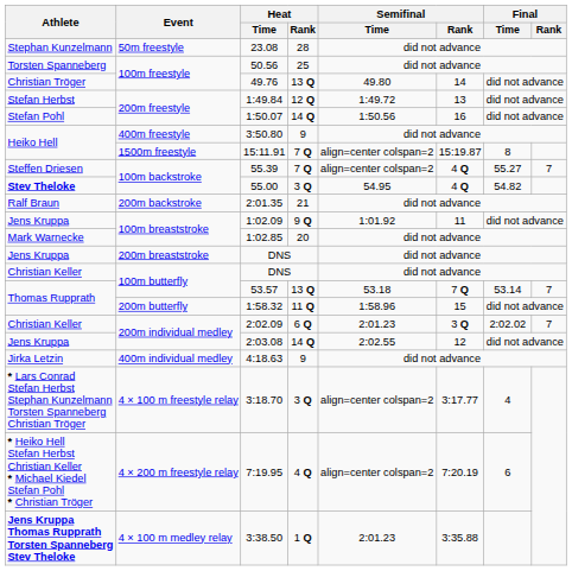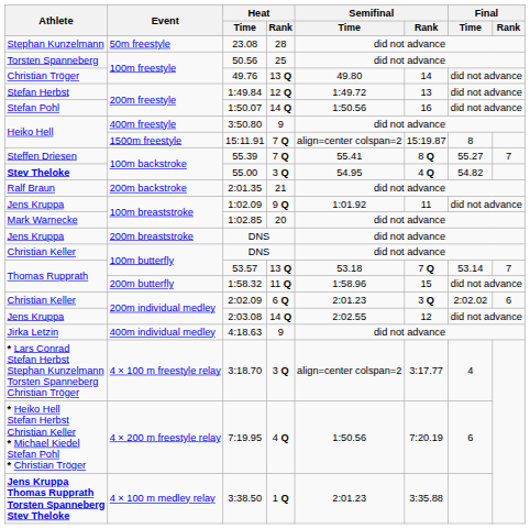 <table class=wikitable style="font-size:90%">
 <tr>
 <th rowspan="2">Athlete</th>
 <th rowspan="2">Event</th>
 <th colspan="2">Heat</th>
 <th colspan="2">Semifinal</th>
 <th colspan="2">Final</th>
 </tr>
 <tr style="font-size:95%">
 <th>Time</th>
 <th>Rank</th>
 <th>Time</th>
 <th>Rank</th>
 <th>Time</th>
 <th>Rank</th>
 </tr>
 <tr>
 <td align=left><a href='#'>Stephan Kunzelmann</a></td>
 <td align=left><a href='#'>50m freestyle</a></td>
 <td align=center>23.08</td>
 <td align=center>28</td>
 <td align=center colspan=4>did not advance</td>
 </tr>
 <tr>
 <td align=left><a href='#'>Torsten Spanneberg</a></td>
 <td align=left rowspan=2><a href='#'>100m freestyle</a></td>
 <td align=center>50.56</td>
 <td align=center>25</td>
 <td align=center colspan=4>did not advance</td>
 </tr>
 <tr>
 <td align=left><a href='#'>Christian Tröger</a></td>
 <td align=center>49.76</td>
 <td align=center>13 <strong>Q</strong></td>
 <td align=center>49.80</td>
 <td align=center>14</td>
 <td align=center colspan=2>did not advance</td>
 </tr>
 <tr>
 <td align=left><a href='#'>Stefan Herbst</a></td>
 <td align=left rowspan=2><a href='#'>200m freestyle</a></td>
 <td align=center>1:49.84</td>
 <td align=center>12 <strong>Q</strong></td>
 <td align=center>1:49.72</td>
 <td align=center>13</td>
 <td align=center colspan=2>did not advance</td>
 </tr>
 <tr>
 <td align=left><a href='#'>Stefan Pohl</a></td>
 <td align=center>1:50.07</td>
 <td align=center>14 <strong>Q</strong></td>
 <td align=center>1:50.56</td>
 <td align=center>16</td>
 <td align=center colspan=2>did not advance</td>
 </tr>
 <tr>
 <td align=left rowspan=2><a href='#'>Heiko Hell</a></td>
 <td align=left><a href='#'>400m freestyle</a></td>
 <td align=center>3:50.80</td>
 <td align=center>9</td>
 <td align=center colspan=4>did not advance</td>
 </tr>
 <tr>
 <td align=left><a href='#'>1500m freestyle</a></td>
 <td align=center>15:11.91</td>
 <td align=center>7 <strong>Q</strong></td>
 <td>align=center colspan=2 </td>
 <td align=center>15:19.87</td>
 <td align=center>8</td>
 </tr>
 <tr>
 <td align=left><a href='#'>Steffen Driesen</a></td>
 <td align=left rowspan=2><a href='#'>100m backstroke</a></td>
 <td align=center>55.39</td>
 <td align=center>7 <strong>Q</strong></td>
-<td>align=center colspan=2 </td>
-<td align=center>4 <strong>Q</strong></td>
+<td align=center>55.41</td>
+<td align=center>8 <strong>Q</strong></td>
 <td align=center>55.27</td>
 <td align=center>7</td>
 </tr>
 <tr>
 <td align=left><strong><a href='#'>Stev Theloke</a></strong></td>
 <td align=center>55.00</td>
 <td align=center>3 <strong>Q</strong></td>
 <td align=center>54.95</td>
 <td align=center>4 <strong>Q</strong></td>
 <td align=center>54.82</td>
 <td align=center></td>
 </tr>
 <tr>
 <td align=left><a href='#'>Ralf Braun</a></td>
 <td align=left><a href='#'>200m backstroke</a></td>
 <td align=center>2:01.35</td>
 <td align=center>21</td>
 <td align=center colspan=4>did not advance</td>
 </tr>
 <tr>
 <td align=left><a href='#'>Jens Kruppa</a></td>
 <td align=left rowspan=2><a href='#'>100m breaststroke</a></td>
 <td align=center>1:02.09</td>
 <td align=center>9 <strong>Q</strong></td>
 <td align=center>1:01.92</td>
 <td align=center>11</td>
 <td align=center colspan=2>did not advance</td>
 </tr>
 <tr>
 <td align=left><a href='#'>Mark Warnecke</a></td>
 <td align=center>1:02.85</td>
 <td align=center>20</td>
 <td align=center colspan=4>did not advance</td>
 </tr>
 <tr>
 <td align=left><a href='#'>Jens Kruppa</a></td>
 <td align=left><a href='#'>200m breaststroke</a></td>
 <td align=center colspan=2>DNS</td>
 <td align=center colspan=4>did not advance</td>
 </tr>
 <tr>
 <td align=left><a href='#'>Christian Keller</a></td>
 <td align=left rowspan=2><a href='#'>100m butterfly</a></td>
 <td align=center colspan=2>DNS</td>
 <td align=center colspan=4>did not advance</td>
 </tr>
 <tr>
 <td align=left rowspan=2><a href='#'>Thomas Rupprath</a></td>
 <td align=center>53.57</td>
 <td align=center>13 <strong>Q</strong></td>
 <td align=center>53.18</td>
 <td align=center>7 <strong>Q</strong></td>
 <td align=center>53.14</td>
 <td align=center>7</td>
 </tr>
 <tr>
 <td align=left><a href='#'>200m butterfly</a></td>
 <td align=center>1:58.32</td>
 <td align=center>11 <strong>Q</strong></td>
 <td align=center>1:58.96</td>
 <td align=center>15</td>
 <td align=center colspan=2>did not advance</td>
 </tr>
 <tr>
 <td align=left><a href='#'>Christian Keller</a></td>
 <td align=left rowspan=2><a href='#'>200m individual medley</a></td>
 <td align=center>2:02.09</td>
 <td align=center>6 <strong>Q</strong></td>
 <td align=center>2:01.23</td>
 <td align=center>3 <strong>Q</strong></td>
 <td align=center>2:02.02</td>
-<td align=center>7</td>
+<td align=center>6</td>
 </tr>
 <tr>
 <td align=left><a href='#'>Jens Kruppa</a></td>
 <td align=center>2:03.08</td>
 <td align=center>14 <strong>Q</strong></td>
 <td align=center>2:02.55</td>
 <td align=center>12</td>
 <td align=center colspan=2>did not advance</td>
 </tr>
 <tr>
 <td align=left><a href='#'>Jirka Letzin</a></td>
 <td align=left><a href='#'>400m individual medley</a></td>
 <td align=center>4:18.63</td>
 <td align=center>9</td>
 <td align=center colspan=4>did not advance</td>
 </tr>
 <tr>
 <td align=left><strong>*</strong> <a href='#'>Lars Conrad</a><br> <a href='#'>Stefan Herbst</a><br> <a href='#'>Stephan Kunzelmann</a><br> <a href='#'>Torsten Spanneberg</a><br> <a href='#'>Christian Tröger</a></td>
 <td align=left><a href='#'>4 × 100 m freestyle relay</a></td>
 <td align=center>3:18.70</td>
 <td align=center>3 <strong>Q</strong></td>
 <td>align=center colspan=2 </td>
 <td align=center>3:17.77</td>
 <td align=center>4</td>
 </tr>
 <tr>
 <td align=left><strong>*</strong> <a href='#'>Heiko Hell</a><br> <a href='#'>Stefan Herbst</a><br> <a href='#'>Christian Keller</a><br> <strong>*</strong> <a href='#'>Michael Kiedel</a><br> <a href='#'>Stefan Pohl</a><br> <strong>*</strong> <a href='#'>Christian Tröger</a></td>
 <td align=left><a href='#'>4 × 200 m freestyle relay</a></td>
 <td align=center>7:19.95</td>
 <td align=center>4 <strong>Q</strong></td>
-<td>align=center colspan=2 </td>
+<td align=center>1:50.56</td>
 <td align=center>7:20.19</td>
 <td align=center>6</td>
 </tr>
 <tr>
 <td align=left><strong><a href='#'>Jens Kruppa</a></strong><br> <strong><a href='#'>Thomas Rupprath</a></strong><br> <strong><a href='#'>Torsten Spanneberg</a></strong><br> <strong><a href='#'>Stev Theloke</a></strong></td>
 <td align=left><a href='#'>4 × 100 m medley relay</a></td>
 <td align=center>3:38.50</td>
 <td align=center>1 <strong>Q</strong></td>
 <td align=center>2:01.23</td>
 <td align=center>3:35.88</td>
 <td align=center></td>
 </tr>
 </table>
